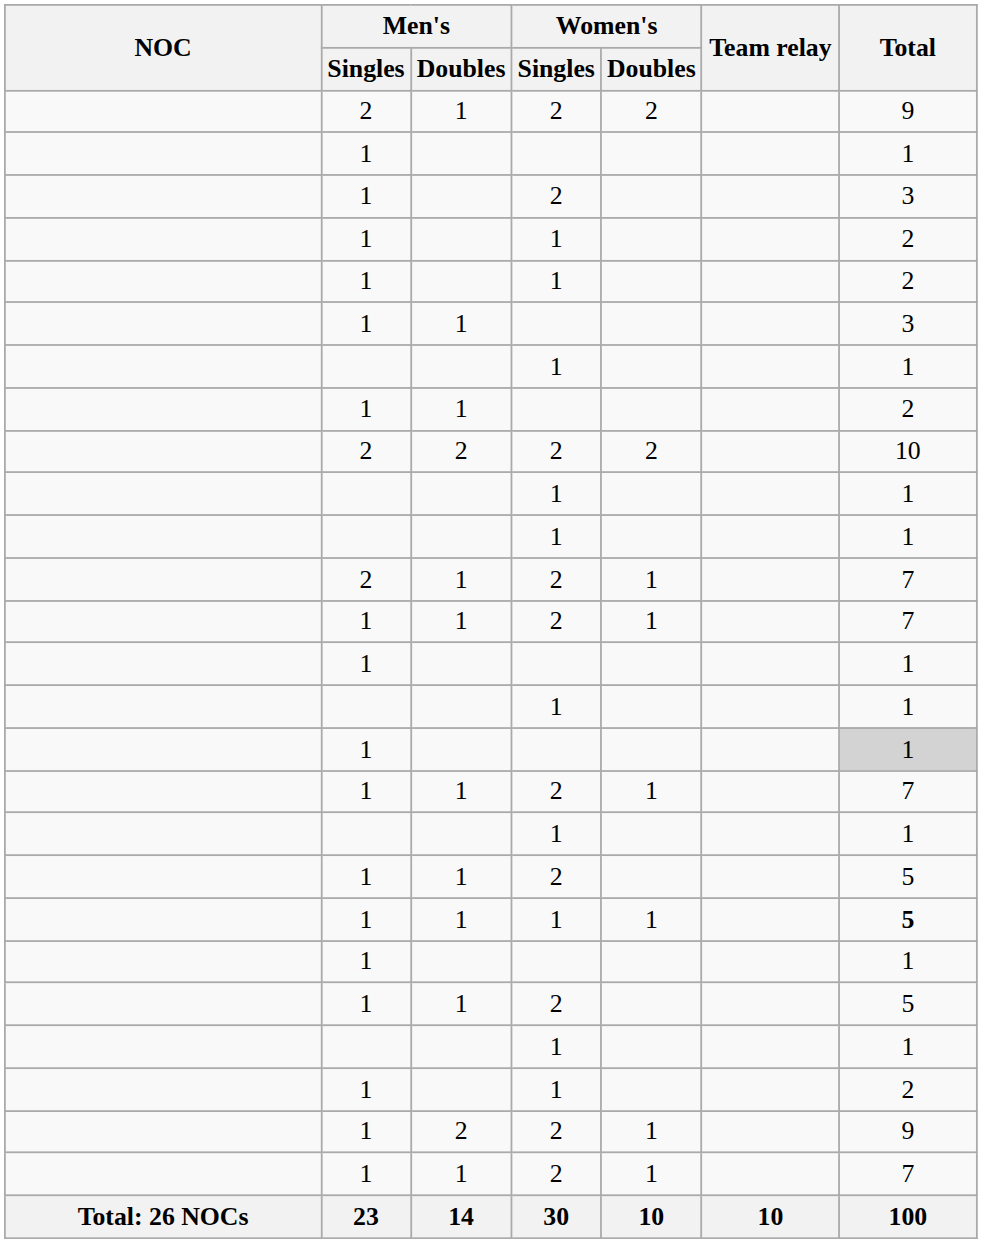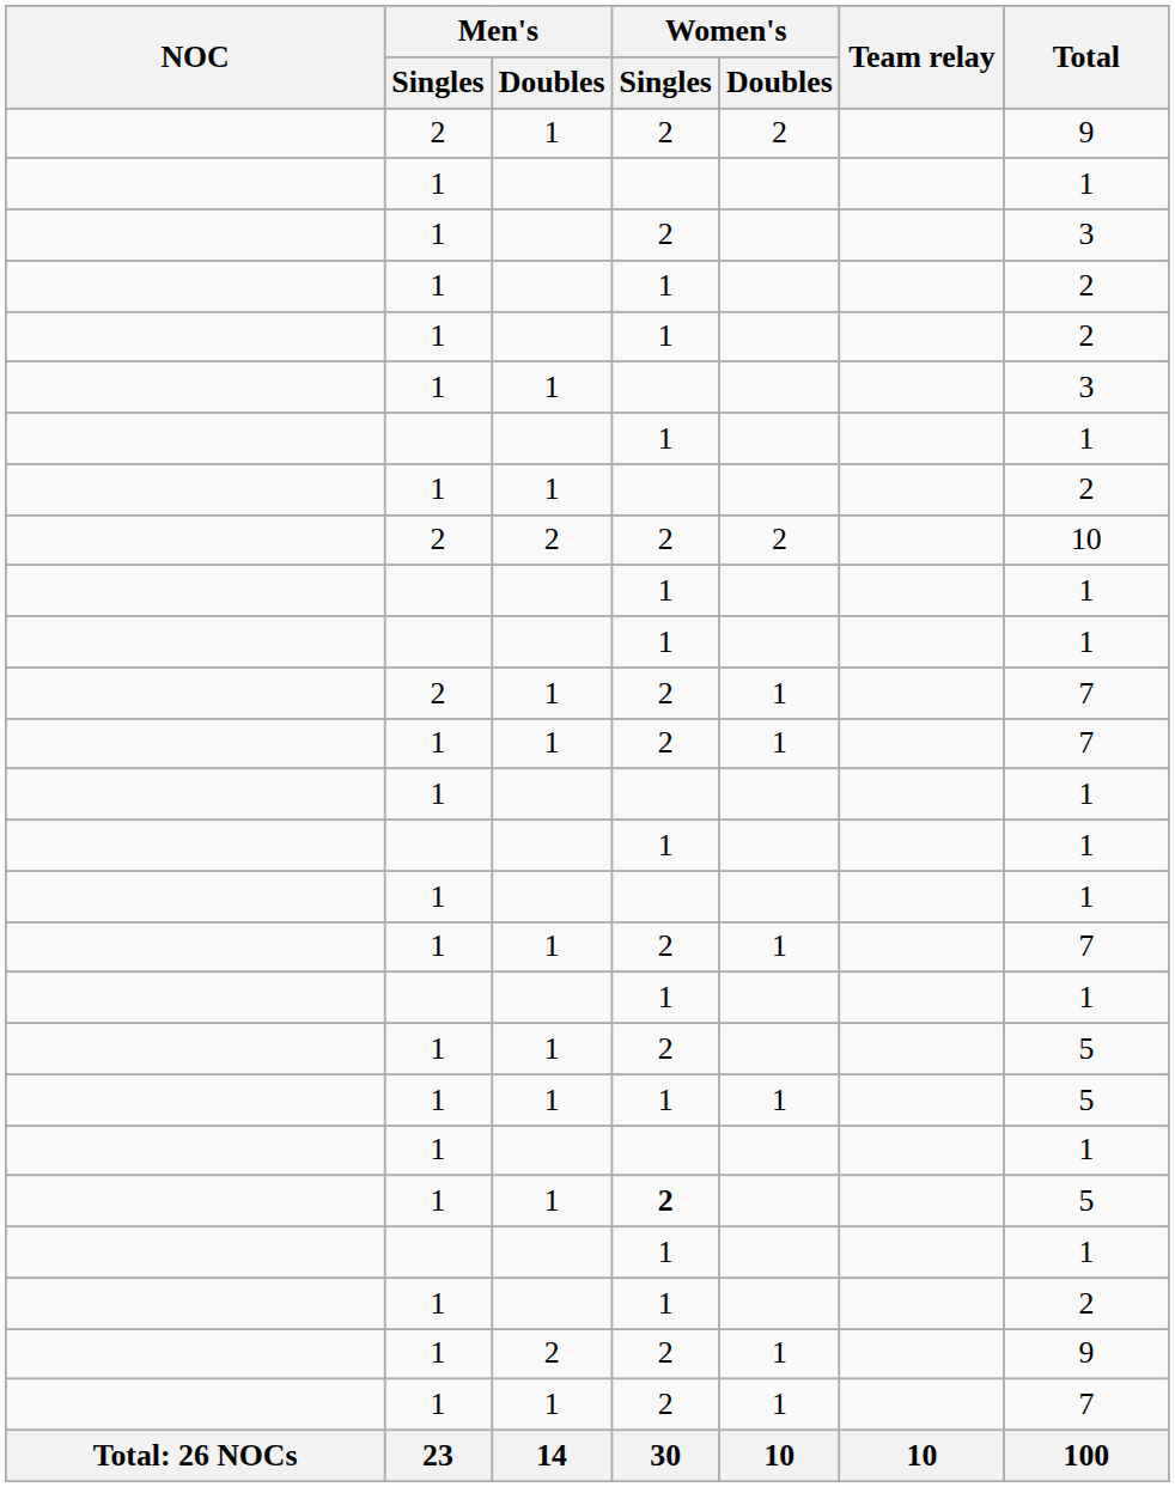 <table class="wikitable" style="text-align:center; font-size:90%">
 <tr>
 <th width=170 align=left rowspan=2>NOC</th>
 <th width=60 colspan=2>Men's</th>
 <th width=60 colspan=2>Women's</th>
 <th width=70 rowspan=2>Team relay</th>
 <th width=70 rowspan=2>Total</th>
 </tr>
 <tr>
 <th>Singles</th>
 <th>Doubles</th>
 <th>Singles</th>
 <th>Doubles</th>
 </tr>
 <tr>
 <td align=left></td>
 <td>2</td>
 <td>1</td>
 <td>2</td>
 <td>2</td>
 <td></td>
 <td>9</td>
 </tr>
 <tr>
 <td align=left></td>
 <td>1</td>
 <td></td>
 <td></td>
 <td></td>
 <td></td>
 <td>1</td>
 </tr>
 <tr>
 <td align=left></td>
 <td>1</td>
 <td></td>
 <td>2</td>
 <td></td>
 <td></td>
 <td>3</td>
 </tr>
 <tr>
 <td align=left></td>
 <td>1</td>
 <td></td>
 <td>1</td>
 <td></td>
 <td></td>
 <td>2</td>
 </tr>
 <tr>
 <td align=left></td>
 <td>1</td>
 <td></td>
 <td>1</td>
 <td></td>
 <td></td>
 <td>2</td>
 </tr>
 <tr>
 <td align=left></td>
 <td>1</td>
 <td>1</td>
 <td></td>
 <td></td>
 <td></td>
 <td>3</td>
 </tr>
 <tr>
 <td align=left></td>
 <td></td>
 <td></td>
 <td>1</td>
 <td></td>
 <td></td>
 <td>1</td>
 </tr>
 <tr>
 <td align=left></td>
 <td>1</td>
 <td>1</td>
 <td></td>
 <td></td>
 <td></td>
 <td>2</td>
 </tr>
 <tr>
 <td align=left></td>
 <td>2</td>
 <td>2</td>
 <td>2</td>
 <td>2</td>
 <td></td>
 <td>10</td>
 </tr>
 <tr>
 <td align=left></td>
 <td></td>
 <td></td>
 <td>1</td>
 <td></td>
 <td></td>
 <td>1</td>
 </tr>
 <tr>
 <td align=left></td>
 <td></td>
 <td></td>
 <td>1</td>
 <td></td>
 <td></td>
 <td>1</td>
 </tr>
 <tr>
 <td align=left></td>
 <td>2</td>
 <td>1</td>
 <td>2</td>
 <td>1</td>
 <td></td>
 <td>7</td>
 </tr>
 <tr>
 <td align=left></td>
 <td>1</td>
 <td>1</td>
 <td>2</td>
 <td>1</td>
 <td></td>
 <td>7</td>
 </tr>
 <tr>
 <td align=left></td>
 <td>1</td>
 <td></td>
 <td></td>
 <td></td>
 <td></td>
 <td>1</td>
 </tr>
 <tr>
 <td align=left></td>
 <td></td>
 <td></td>
 <td>1</td>
 <td></td>
 <td></td>
 <td>1</td>
 </tr>
 <tr>
 <td align=left></td>
 <td>1</td>
 <td></td>
 <td></td>
 <td></td>
 <td></td>
-<td style="background: lightgrey;">1</td>
+<td>1</td>
 </tr>
 <tr>
 <td align=left></td>
 <td>1</td>
 <td>1</td>
 <td>2</td>
 <td>1</td>
 <td></td>
 <td>7</td>
 </tr>
 <tr>
 <td align=left></td>
 <td></td>
 <td></td>
 <td>1</td>
 <td></td>
 <td></td>
 <td>1</td>
 </tr>
 <tr>
 <td align=left></td>
 <td>1</td>
 <td>1</td>
 <td>2</td>
 <td></td>
 <td></td>
 <td>5</td>
 </tr>
 <tr>
 <td align=left></td>
 <td>1</td>
 <td>1</td>
 <td>1</td>
 <td>1</td>
 <td></td>
-<td><strong>5</strong></td>
+<td>5</td>
 </tr>
 <tr>
 <td align=left></td>
 <td>1</td>
 <td></td>
 <td></td>
 <td></td>
 <td></td>
 <td>1</td>
 </tr>
 <tr>
 <td align=left></td>
 <td>1</td>
 <td>1</td>
-<td>2</td>
+<td><strong>2</strong></td>
 <td></td>
 <td></td>
 <td>5</td>
 </tr>
 <tr>
 <td align=left></td>
 <td></td>
 <td></td>
 <td>1</td>
 <td></td>
 <td></td>
 <td>1</td>
 </tr>
 <tr>
 <td align=left></td>
 <td>1</td>
 <td></td>
 <td>1</td>
 <td></td>
 <td></td>
 <td>2</td>
 </tr>
 <tr>
 <td align=left></td>
 <td>1</td>
 <td>2</td>
 <td>2</td>
 <td>1</td>
 <td></td>
 <td>9</td>
 </tr>
 <tr>
 <td align=left></td>
 <td>1</td>
 <td>1</td>
 <td>2</td>
 <td>1</td>
 <td></td>
 <td>7</td>
 </tr>
 <tr>
 <th>Total: 26 NOCs</th>
 <th>23</th>
 <th>14</th>
 <th>30</th>
 <th>10</th>
 <th>10</th>
 <th>100</th>
 </tr>
 </table>
